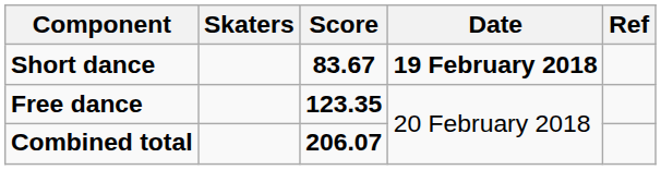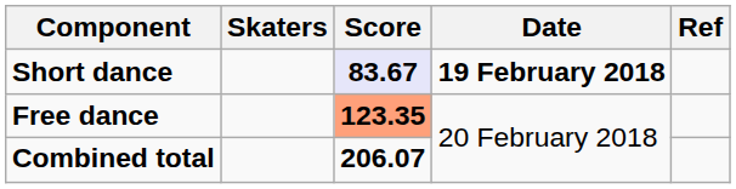 <table class=wikitable>
 <tr>
 <th>Component</th>
 <th>Skaters</th>
 <th>Score</th>
 <th>Date</th>
 <th>Ref</th>
 </tr>
 <tr>
 <td><strong>Short dance</strong></td>
 <td></td>
-<td align=center><strong>83.67</strong></td>
+<td align=center style="background: lavender;"><strong>83.67</strong></td>
 <td><strong>19 February 2018</strong></td>
 <td align=center></td>
 </tr>
 <tr>
 <td><strong>Free dance</strong></td>
 <td></td>
-<td align=center><strong>123.35</strong></td>
+<td align=center style="background: lightsalmon;"><strong>123.35</strong></td>
 <td rowspan="2">20 February 2018</td>
 <td align=center></td>
 </tr>
 <tr>
 <td><strong>Combined total</strong></td>
 <td></td>
 <td align="center"><strong>206.07</strong></td>
 <td align="center"></td>
 </tr>
 </table>
